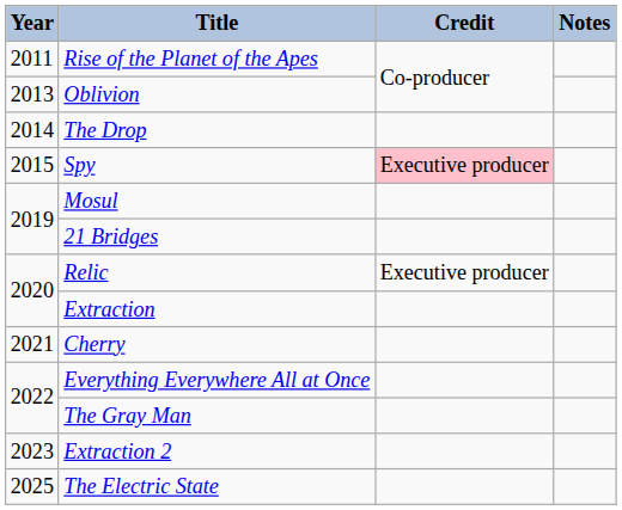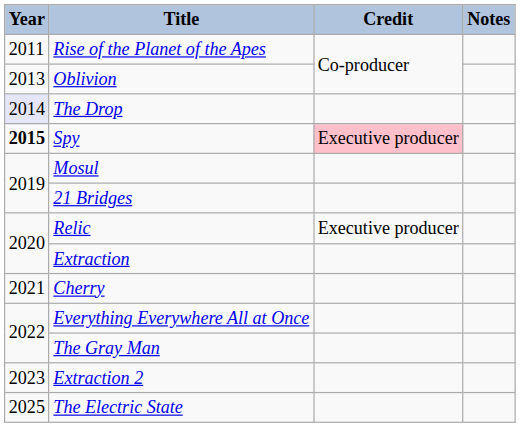 <table class="wikitable" style="font-size:95%;">
 <tr>
 <th style="background:#B0C4DE;">Year</th>
 <th style="background:#B0C4DE;">Title</th>
 <th style="background:#B0C4DE;">Credit</th>
 <th style="background:#B0C4DE;">Notes</th>
 </tr>
 <tr>
 <td>2011</td>
 <td><em><a href='#'>Rise of the Planet of the Apes</a></em></td>
 <td rowspan=2>Co-producer</td>
 <td></td>
 </tr>
 <tr>
 <td>2013</td>
 <td><em><a href='#'>Oblivion</a></em></td>
 <td></td>
 </tr>
 <tr>
-<td>2014</td>
+<td style="background: lavender;">2014</td>
 <td><em><a href='#'>The Drop</a></em></td>
 <td></td>
 <td></td>
 </tr>
 <tr>
-<td>2015</td>
+<td><strong>2015</strong></td>
 <td><em><a href='#'>Spy</a></em></td>
 <td style="background: pink;">Executive producer</td>
 <td></td>
 </tr>
 <tr>
 <td rowspan=2>2019</td>
 <td><em><a href='#'>Mosul</a></em></td>
 <td></td>
 <td></td>
 </tr>
 <tr>
 <td><em><a href='#'>21 Bridges</a></em></td>
 <td></td>
 <td></td>
 </tr>
 <tr>
 <td rowspan=2>2020</td>
 <td><em><a href='#'>Relic</a></em></td>
 <td>Executive producer</td>
 <td></td>
 </tr>
 <tr>
 <td><em><a href='#'>Extraction</a></em></td>
 <td></td>
 <td></td>
 </tr>
 <tr>
 <td>2021</td>
 <td><em><a href='#'>Cherry</a></em></td>
 <td></td>
 <td></td>
 </tr>
 <tr>
 <td rowspan=2>2022</td>
 <td><em><a href='#'>Everything Everywhere All at Once</a></em></td>
 <td></td>
 <td></td>
 </tr>
 <tr>
 <td><em><a href='#'>The Gray Man</a></em></td>
 <td></td>
 <td></td>
 </tr>
 <tr>
 <td>2023</td>
 <td><em><a href='#'>Extraction 2</a></em></td>
 <td></td>
 <td></td>
 </tr>
 <tr>
 <td>2025</td>
 <td><em><a href='#'>The Electric State</a></em></td>
 <td></td>
 <td></td>
 </tr>
 </table>
